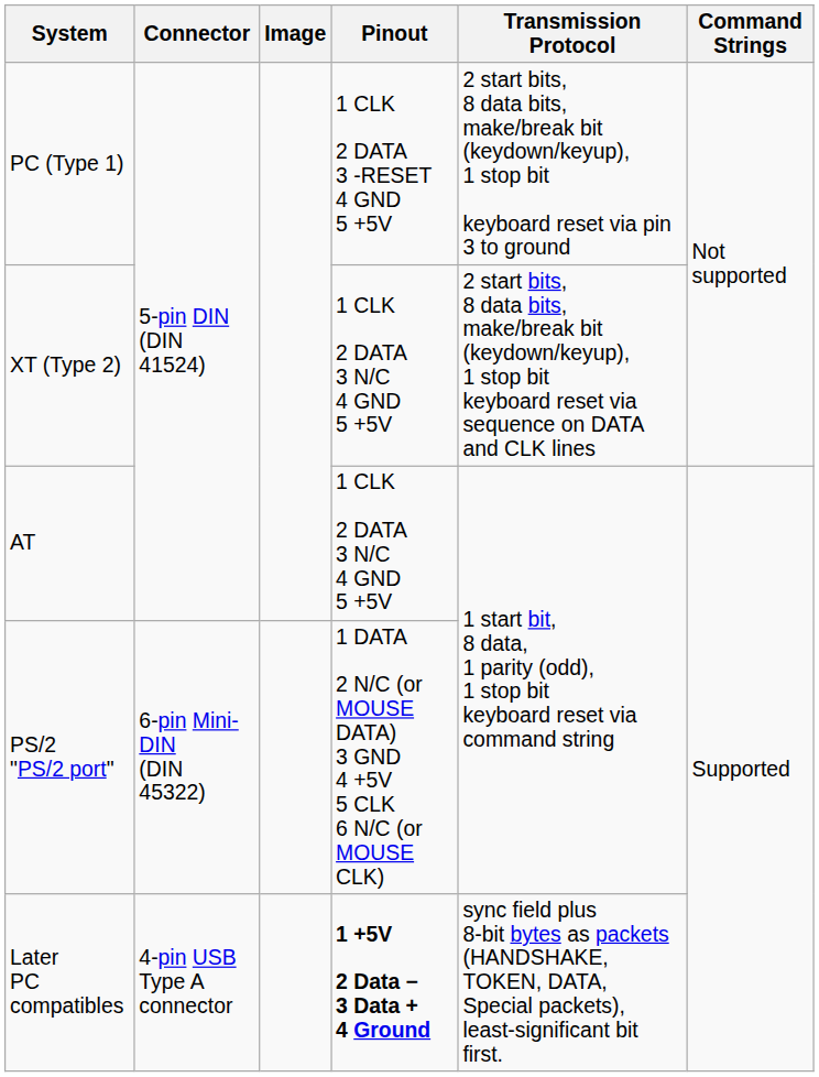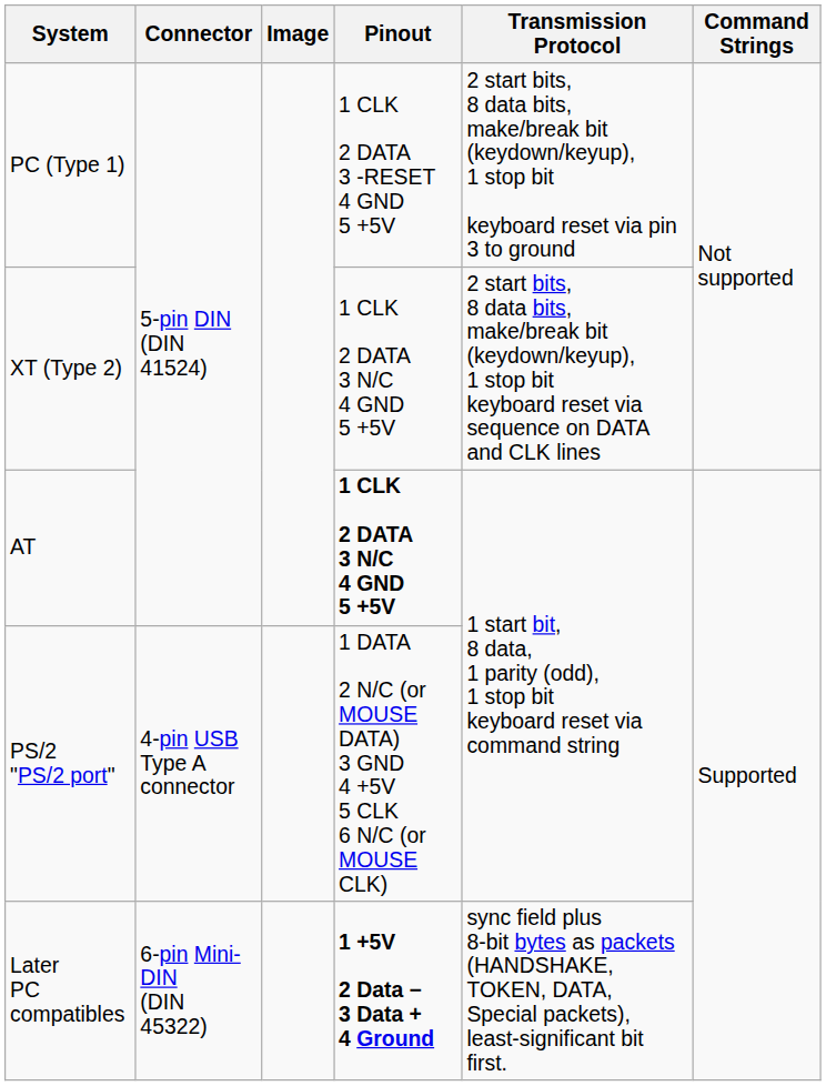 <table class="wikitable" border="1">
 <tr>
 <th scope="col">System</th>
 <th>Connector</th>
 <th>Image</th>
 <th>Pinout</th>
 <th>Transmission Protocol</th>
 <th>Command Strings</th>
 </tr>
 <tr>
 <td>PC (Type 1) </td>
 <td rowspan=3>5-<a href='#'>pin</a> <a href='#'>DIN</a><br>(DIN 41524)</td>
 <td rowspan=3></td>
 <td>1 CLK<br><br>2 DATA<br> 3 -RESET<br>  4 GND<br> 5 +5V</td>
 <td>2 start bits,<br>8 data bits,<br>make/break bit (keydown/keyup),<br>1 stop bit<br><br>keyboard reset via pin 3 to ground</td>
 <td rowspan=2>Not supported</td>
 </tr>
 <tr>
 <td>XT (Type 2) </td>
 <td>1 CLK<br><br>2 DATA<br> 3 N/C<br> 4 GND<br> 5 +5V</td>
 <td>2 start <a href='#'>bits</a>,<br>8 data <a href='#'>bits</a>,<br>make/break bit (keydown/keyup),<br>1 stop bit<br>keyboard reset via sequence on DATA and CLK lines</td>
 </tr>
 <tr>
 <td>AT</td>
-<td>1 CLK<br><br>2 DATA<br> 3 N/C<br> 4 GND<br> 5 +5V</td>
+<td><strong>1 CLK<br><br>2 DATA<br> 3 N/C<br> 4 GND<br> 5 +5V</strong></td>
 <td rowspan=2>1 start <a href='#'>bit</a>,<br>8 data,<br>1 parity (odd),<br>1 stop bit<br>keyboard reset via command string</td>
 <td rowspan=3>Supported</td>
 </tr>
 <tr>
 <td>PS/2<br>"<a href='#'>PS/2 port</a>"</td>
-<td>6-<a href='#'>pin</a> <a href='#'>Mini-DIN</a><br>(DIN 45322)</td>
+<td>4-<a href='#'>pin</a> <a href='#'>USB</a><br>Type A connector</td>
 <td></td>
 <td>1 DATA<br><br>2 N/C (or <a href='#'>MOUSE</a> DATA)<br> 3 GND<br> 4 +5V<br> 5 CLK<br> 6 N/C (or <a href='#'>MOUSE</a> CLK)</td>
 </tr>
 <tr>
 <td>Later<br>PC compatibles</td>
-<td>4-<a href='#'>pin</a> <a href='#'>USB</a><br>Type A connector</td>
+<td>6-<a href='#'>pin</a> <a href='#'>Mini-DIN</a><br>(DIN 45322)</td>
 <td></td>
 <td><strong>1 +5V<br><br>2 Data −<br> 3 Data +<br> 4 <a href='#'>Ground</a></strong></td>
 <td>sync field plus<br>8-bit <a href='#'>bytes</a> as <a href='#'>packets</a><br>(HANDSHAKE, TOKEN, DATA, Special packets),<br>least-significant bit first.</td>
 </tr>
 </table>
